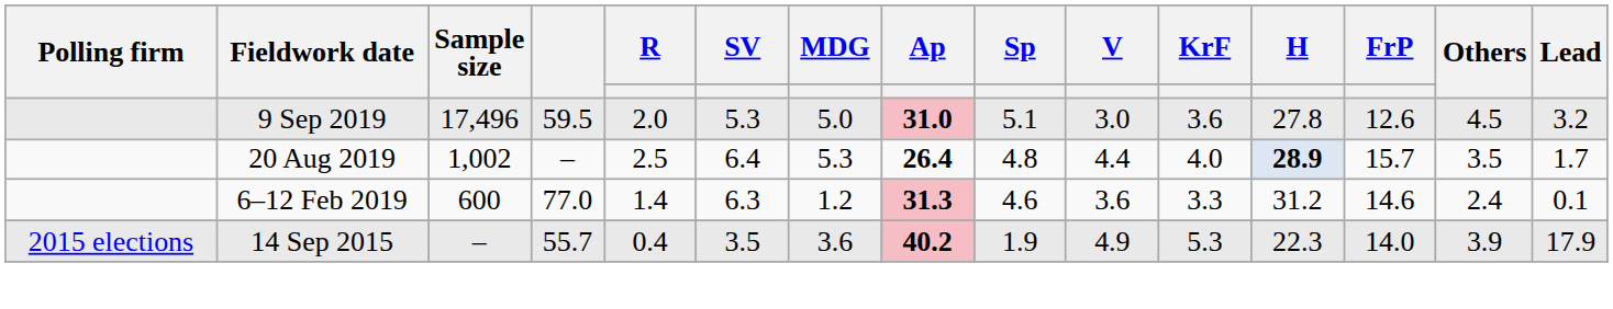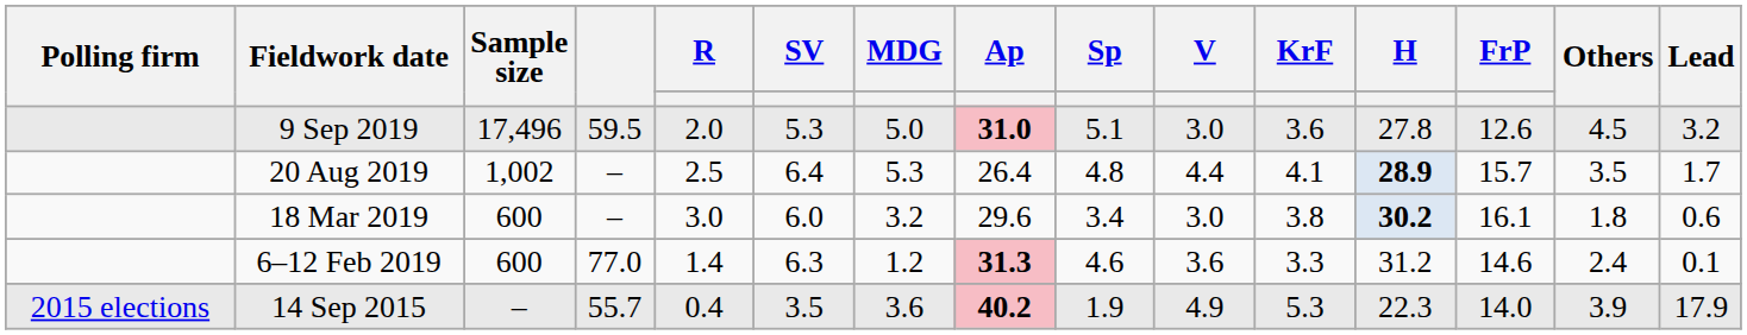 <table class="wikitable sortable" style="text-align:center;font-size:90%;line-height:14px;">
 <tr style="height:40px;">
 <th style="width:100px;" rowspan="2">Polling firm</th>
 <th style="width:100px;" rowspan="2">Fieldwork date</th>
 <th style="width:35px;" rowspan="2">Sample<br>size</th>
 <th style="width:30px;" rowspan="2"></th>
 <th class="unsortable" style="width:40px;"><a href='#'>R</a></th>
 <th class="unsortable" style="width:40px;"><a href='#'>SV</a></th>
 <th class="unsortable" style="width:40px;"><a href='#'>MDG</a></th>
 <th class="unsortable" style="width:40px;"><a href='#'>Ap</a></th>
 <th class="unsortable" style="width:40px;"><a href='#'>Sp</a></th>
 <th class="unsortable" style="width:40px;"><a href='#'>V</a></th>
 <th class="unsortable" style="width:40px;"><a href='#'>KrF</a></th>
 <th class="unsortable" style="width:40px;"><a href='#'>H</a></th>
 <th class="unsortable" style="width:40px;"><a href='#'>FrP</a></th>
 <th class="unsortable" style="width:30px;" rowspan="2">Others</th>
 <th style="width:30px;" rowspan="2">Lead</th>
 </tr>
 <tr>
 <th style="background:"></th>
 <th style="background:"></th>
 <th style="background:"></th>
 <th style="background:"></th>
 <th style="background:"></th>
 <th style="background:"></th>
 <th style="background:"></th>
 <th style="background:"></th>
 <th style="background:"></th>
 </tr>
 <tr style="background:#E9E9E9;">
 <td></td>
 <td data-sort-value="2019-09-09">9 Sep 2019</td>
 <td>17,496</td>
 <td>59.5</td>
 <td>2.0</td>
 <td>5.3</td>
 <td>5.0</td>
 <td style="background:#F7BDC5;"><strong>31.0</strong></td>
 <td>5.1</td>
 <td>3.0</td>
 <td>3.6</td>
 <td>27.8</td>
 <td>12.6</td>
 <td>4.5</td>
 <td style="background:">3.2</td>
 </tr>
 <tr>
 <td></td>
 <td data-sort-value="2019-08-28">20 Aug 2019</td>
 <td>1,002</td>
 <td>–</td>
 <td>2.5</td>
 <td>6.4</td>
 <td>5.3</td>
-<td><strong>26.4</strong></td>
+<td>26.4</td>
 <td>4.8</td>
 <td>4.4</td>
-<td>4.0</td>
+<td>4.1</td>
 <td style="background:#DCE7F3;"><strong>28.9</strong></td>
 <td>15.7</td>
 <td>3.5</td>
 <td style="background:">1.7</td>
+</tr>
+<tr>
+<td></td>
+<td data-sort-value="2019-03-18">18 Mar 2019</td>
+<td>600</td>
+<td>–</td>
+<td>3.0</td>
+<td>6.0</td>
+<td>3.2</td>
+<td>29.6</td>
+<td>3.4</td>
+<td>3.0</td>
+<td>3.8</td>
+<td style="background:#DCE7F3;"><strong>30.2</strong></td>
+<td>16.1</td>
+<td>1.8</td>
+<td style="background:">0.6</td>
 </tr>
 <tr>
 <td></td>
 <td data-sort-value="2019-02-12">6–12 Feb 2019</td>
 <td>600</td>
 <td>77.0</td>
 <td>1.4</td>
 <td>6.3</td>
 <td>1.2</td>
 <td style="background:#F7BDC5;"><strong>31.3</strong></td>
 <td>4.6</td>
 <td>3.6</td>
 <td>3.3</td>
 <td>31.2</td>
 <td>14.6</td>
 <td>2.4</td>
 <td style="background:">0.1</td>
 </tr>
 <tr style="background:#E9E9E9;">
 <td><a href='#'>2015 elections</a></td>
 <td data-sort-value="2015-09-14">14 Sep 2015</td>
 <td>–</td>
 <td>55.7</td>
 <td>0.4</td>
 <td>3.5</td>
 <td>3.6</td>
 <td style="background:#F7BDC5;"><strong>40.2</strong></td>
 <td>1.9</td>
 <td>4.9</td>
 <td>5.3</td>
 <td>22.3</td>
 <td>14.0</td>
 <td>3.9</td>
 <td style="background:">17.9</td>
 </tr>
 </table>
